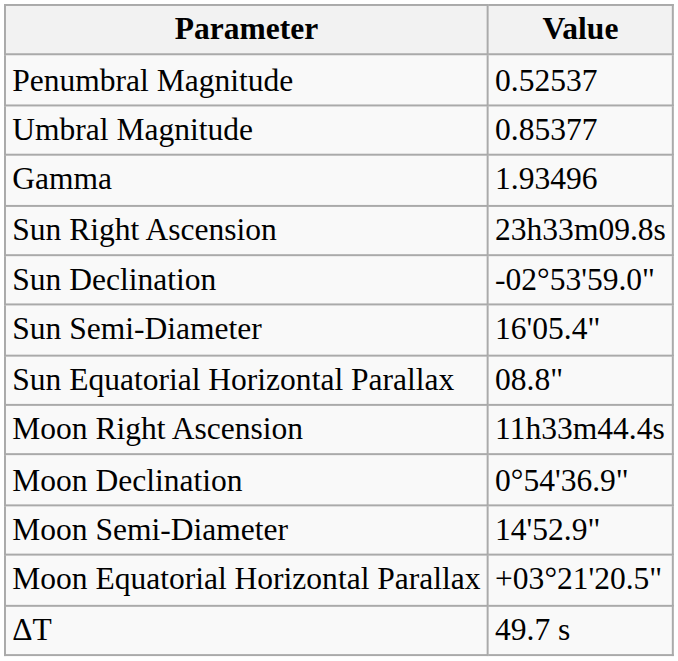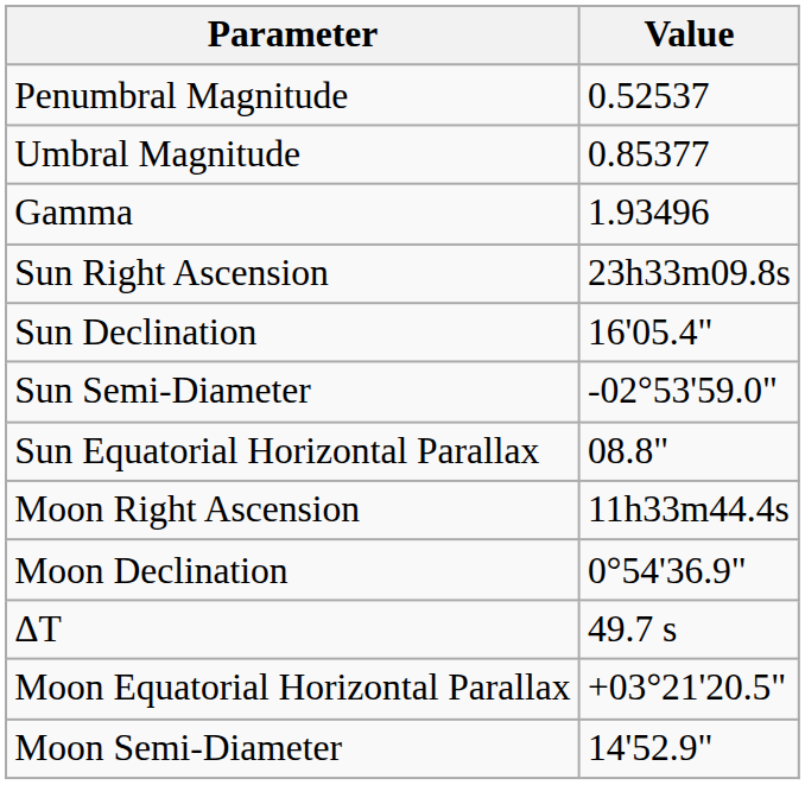 <table class="wikitable">
 <tr>
 <th>Parameter</th>
 <th>Value</th>
 </tr>
 <tr>
 <td>Penumbral Magnitude</td>
 <td>0.52537</td>
 </tr>
 <tr>
 <td>Umbral Magnitude</td>
 <td>0.85377</td>
 </tr>
 <tr>
 <td>Gamma</td>
 <td>1.93496</td>
 </tr>
 <tr>
 <td>Sun Right Ascension</td>
 <td>23h33m09.8s</td>
 </tr>
 <tr>
 <td>Sun Declination</td>
-<td>-02°53'59.0"</td>
+<td>16'05.4"</td>
 </tr>
 <tr>
 <td>Sun Semi-Diameter</td>
-<td>16'05.4"</td>
+<td>-02°53'59.0"</td>
 </tr>
 <tr>
 <td>Sun Equatorial Horizontal Parallax</td>
 <td>08.8"</td>
 </tr>
 <tr>
 <td>Moon Right Ascension</td>
 <td>11h33m44.4s</td>
 </tr>
 <tr>
 <td>Moon Declination</td>
 <td>0°54'36.9"</td>
 </tr>
 <tr>
-<td>Moon Semi-Diameter</td>
-<td>14'52.9"</td>
+<td>ΔT</td>
+<td>49.7 s</td>
 </tr>
 <tr>
 <td>Moon Equatorial Horizontal Parallax</td>
 <td>+03°21'20.5"</td>
 </tr>
 <tr>
-<td>ΔT</td>
-<td>49.7 s</td>
+<td>Moon Semi-Diameter</td>
+<td>14'52.9"</td>
 </tr>
 </table>
